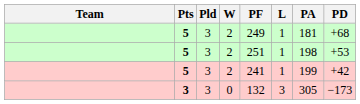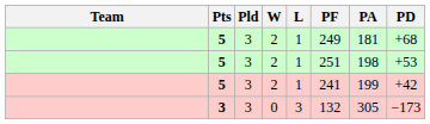 <table class=wikitable style="text-align:center">
 <tr>
 <th width=220>Team</th>
 <th width=20>Pts</th>
 <th width=20>Pld</th>
 <th width=20>W</th>
+<th width=20>L</th>
 <th width=35>PF</th>
-<th width=20>L</th>
 <th width=35>PA</th>
 <th width=35>PD</th>
 </tr>
 <tr bgcolor=#ccffcc>
 <td align=left></td>
 <td><strong>5</strong></td>
 <td>3</td>
 <td>2</td>
+<td>1</td>
 <td>249</td>
-<td>1</td>
 <td>181</td>
 <td>+68</td>
 </tr>
 <tr bgcolor=#ccffcc>
 <td align=left></td>
 <td><strong>5</strong></td>
 <td>3</td>
 <td>2</td>
+<td>1</td>
 <td>251</td>
-<td>1</td>
 <td>198</td>
 <td>+53</td>
 </tr>
 <tr bgcolor=#ffcccc>
 <td align=left></td>
 <td><strong>5</strong></td>
 <td>3</td>
 <td>2</td>
+<td>1</td>
 <td>241</td>
-<td>1</td>
 <td>199</td>
 <td>+42</td>
 </tr>
 <tr bgcolor=#ffcccc>
 <td align=left></td>
 <td><strong>3</strong></td>
 <td>3</td>
 <td>0</td>
+<td>3</td>
 <td>132</td>
-<td>3</td>
 <td>305</td>
 <td>−173</td>
 </tr>
 </table>
